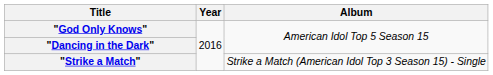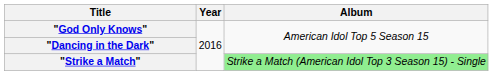 <table class="wikitable plainrowheaders" style="text-align:center;" border="1">
 <tr>
 <th scope="col" style="width:18em;">Title</th>
 <th scope="col">Year</th>
 <th scope="col">Album</th>
 </tr>
 <tr>
 <th scope="row">"<a href='#'>God Only Knows</a>"</th>
 <td rowspan=3>2016</td>
 <td rowspan="2"><em>American Idol Top 5 Season 15 </em></td>
 </tr>
 <tr>
 <th scope="row">"<a href='#'>Dancing in the Dark</a>"</th>
 </tr>
 <tr>
 <th scope="row">"<a href='#'>Strike a Match</a>"</th>
-<td><em>Strike a Match (American Idol Top 3 Season 15) - Single </em></td>
+<td style="background: lightgreen;"><em>Strike a Match (American Idol Top 3 Season 15) - Single </em></td>
 </tr>
 </table>
